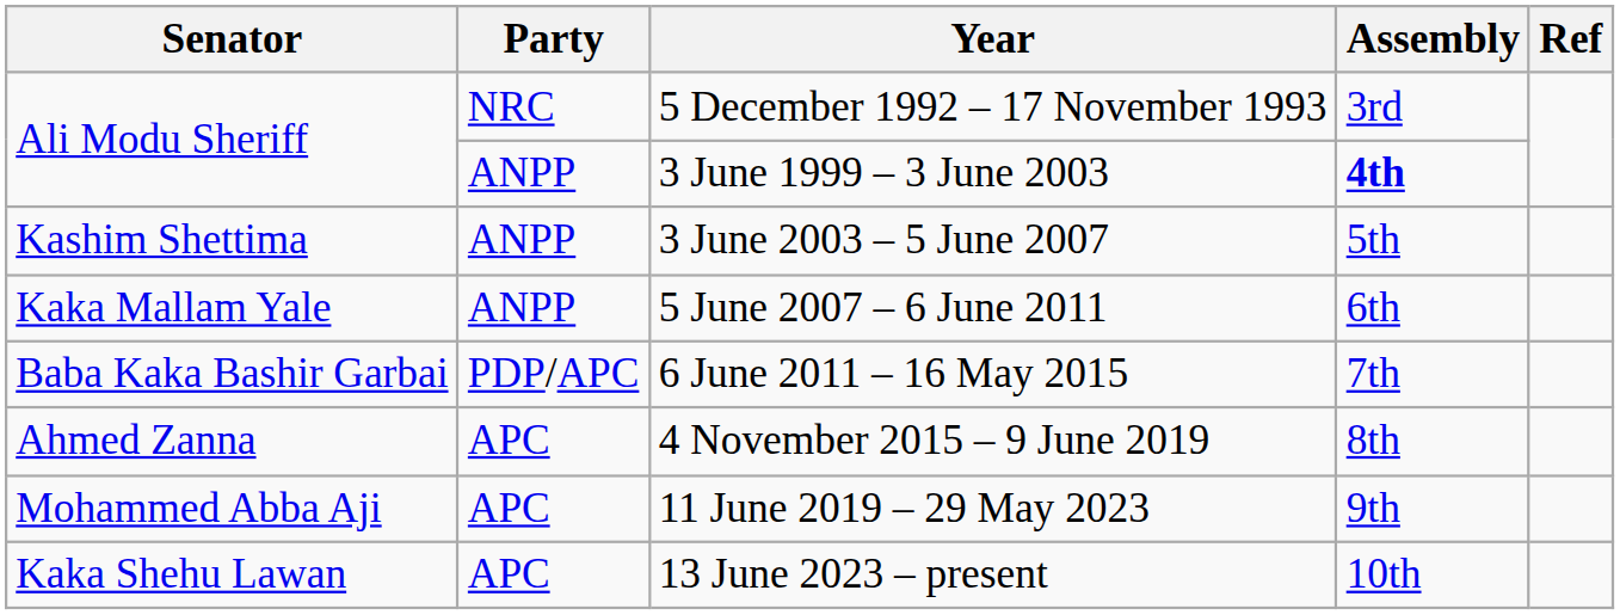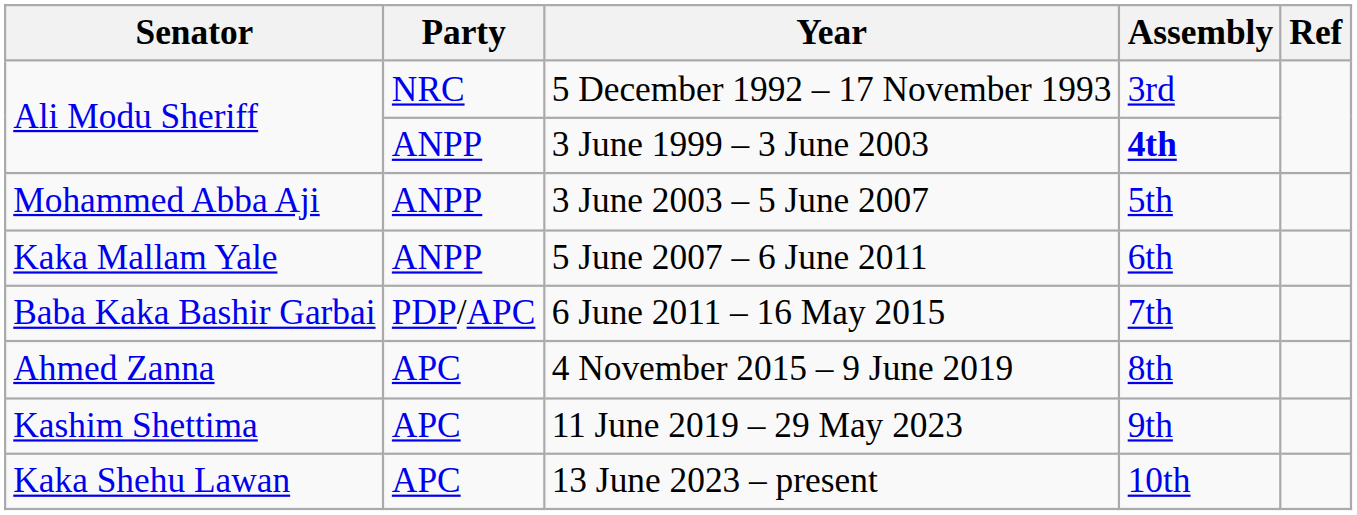 <table class="wikitable">
 <tr>
 <th>Senator</th>
 <th>Party</th>
 <th>Year</th>
 <th>Assembly</th>
 <th>Ref</th>
 </tr>
 <tr>
 <td rowspan="2"><a href='#'>Ali Modu Sheriff</a></td>
 <td><a href='#'>NRC</a></td>
 <td>5 December 1992 – 17 November 1993</td>
 <td><a href='#'>3rd</a></td>
 <td rowspan="2"></td>
 </tr>
 <tr>
 <td><a href='#'>ANPP</a></td>
 <td>3 June 1999 – 3 June 2003</td>
 <td><strong><a href='#'>4th</a></strong></td>
 </tr>
 <tr>
-<td><a href='#'>Kashim Shettima</a></td>
+<td><a href='#'>Mohammed Abba Aji</a></td>
 <td><a href='#'>ANPP</a></td>
 <td>3 June 2003 – 5 June 2007</td>
 <td><a href='#'>5th</a></td>
 <td></td>
 </tr>
 <tr>
 <td><a href='#'>Kaka Mallam Yale</a></td>
 <td><a href='#'>ANPP</a></td>
 <td>5 June 2007 – 6 June 2011</td>
 <td><a href='#'>6th</a></td>
 <td></td>
 </tr>
 <tr>
 <td><a href='#'>Baba Kaka Bashir Garbai</a></td>
 <td><a href='#'>PDP</a>/<a href='#'>APC</a></td>
 <td>6 June 2011 – 16 May 2015</td>
 <td><a href='#'>7th</a></td>
 <td></td>
 </tr>
 <tr>
 <td><a href='#'>Ahmed Zanna</a></td>
 <td><a href='#'>APC</a></td>
 <td>4 November 2015 – 9 June 2019</td>
 <td><a href='#'>8th</a></td>
 <td></td>
 </tr>
 <tr>
-<td><a href='#'>Mohammed Abba Aji</a></td>
+<td><a href='#'>Kashim Shettima</a></td>
 <td><a href='#'>APC</a></td>
 <td>11 June 2019 – 29 May 2023</td>
 <td><a href='#'>9th</a></td>
 <td></td>
 </tr>
 <tr>
 <td><a href='#'>Kaka Shehu Lawan</a></td>
 <td><a href='#'>APC</a></td>
 <td>13 June 2023 – present</td>
 <td><a href='#'>10th</a></td>
 <td></td>
 </tr>
 </table>
